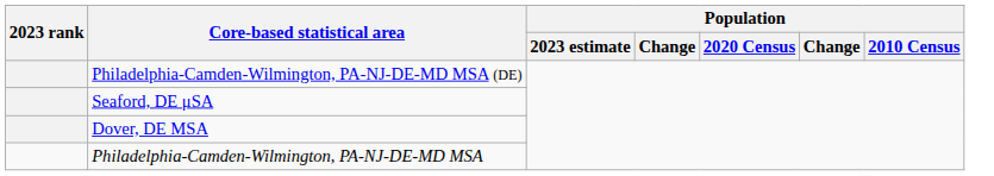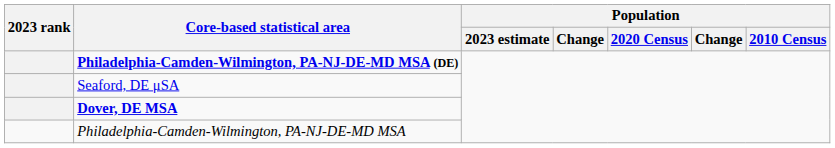 <table class="wikitable sortable">
 <tr>
 <th scope=col rowspan=2>2023 rank</th>
 <th scope=col rowspan=2><a href='#'>Core-based statistical area</a></th>
 <th colspan=5>Population</th>
 </tr>
 <tr>
 <th scope=col>2023 estimate</th>
 <th scope=col>Change</th>
 <th scope=col><a href='#'>2020 Census</a></th>
 <th scope=col>Change</th>
 <th scope=col><a href='#'>2010 Census</a></th>
 </tr>
 <tr>
 <th scope=row></th>
-<td><a href='#'>Philadelphia-Camden-Wilmington, PA-NJ-DE-MD MSA</a> <small>(DE)</small><br></td>
+<td><strong><a href='#'>Philadelphia-Camden-Wilmington, PA-NJ-DE-MD MSA</a> <small>(DE)</small><br></strong></td>
 </tr>
 <tr>
 <th scope=row></th>
 <td><a href='#'>Seaford, DE μSA</a><br></td>
 </tr>
 <tr>
 <th scope=row></th>
-<td><a href='#'>Dover, DE MSA</a><br></td>
+<td><strong><a href='#'>Dover, DE MSA</a><br></strong></td>
 </tr>
 <tr>
 <td></td>
 <td><em><span>Philadelphia-Camden-Wilmington, PA-NJ-DE-MD MSA</span></em><br></td>
 </tr>
 </table>
